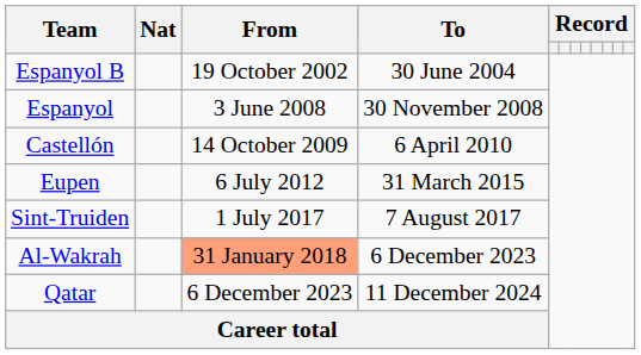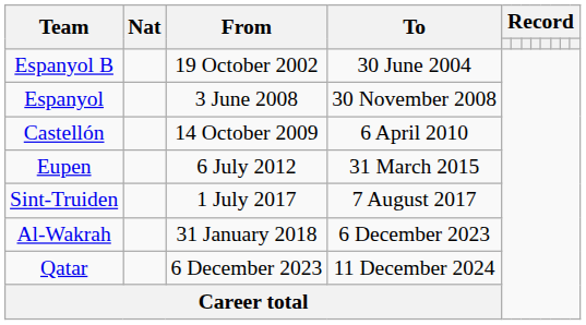 <table class="wikitable" style="text-align: center">
 <tr>
 <th rowspan=2>Team</th>
 <th rowspan=2>Nat</th>
 <th rowspan=2>From</th>
 <th rowspan=2>To</th>
 <th colspan=8>Record</th>
 </tr>
 <tr>
 <th></th>
 <th></th>
 <th></th>
 <th></th>
 <th></th>
 <th></th>
 <th></th>
 <th></th>
 </tr>
 <tr>
 <td><a href='#'>Espanyol B</a></td>
 <td></td>
 <td>19 October 2002</td>
 <td>30 June 2004<br></td>
 </tr>
 <tr>
 <td><a href='#'>Espanyol</a></td>
 <td></td>
 <td>3 June 2008</td>
 <td>30 November 2008<br></td>
 </tr>
 <tr>
 <td><a href='#'>Castellón</a></td>
 <td></td>
 <td>14 October 2009</td>
 <td>6 April 2010<br></td>
 </tr>
 <tr>
 <td><a href='#'>Eupen</a></td>
 <td></td>
 <td>6 July 2012</td>
 <td>31 March 2015<br></td>
 </tr>
 <tr>
 <td><a href='#'>Sint-Truiden</a></td>
 <td></td>
 <td>1 July 2017</td>
 <td>7 August 2017<br></td>
 </tr>
 <tr>
 <td><a href='#'>Al-Wakrah</a></td>
 <td></td>
-<td style="background: lightsalmon;">31 January 2018</td>
+<td>31 January 2018</td>
 <td>6 December 2023<br></td>
 </tr>
 <tr>
 <td><a href='#'>Qatar</a></td>
 <td></td>
 <td>6 December 2023</td>
 <td>11 December 2024<br></td>
 </tr>
 <tr>
 <th colspan=4>Career total<br></th>
 </tr>
 </table>
